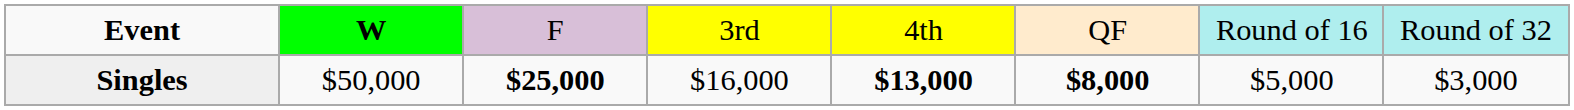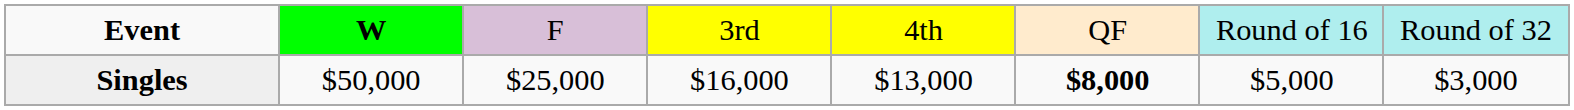 <table class=wikitable style=font-size:95%;text-align:center>
 <tr>
 <td style="width:130px"><strong>Event</strong></td>
 <td style="width:85px; background:lime"><strong>W</strong></td>
 <td style="width:85px; background:thistle">F</td>
 <td style="width:85px; background:#ffff00">3rd</td>
 <td style="width:85px; background:#ffff00">4th</td>
 <td style="width:85px; background:#ffebcd">QF</td>
 <td style="width:85px; background:#afeeee">Round of 16</td>
 <td style="width:85px; background:#afeeee">Round of 32</td>
 </tr>
 <tr>
 <th style=background:#efefef>Singles </th>
 <td>$50,000</td>
-<td><strong>$25,000</strong></td>
+<td>$25,000</td>
 <td>$16,000</td>
-<td><strong>$13,000</strong></td>
+<td>$13,000</td>
 <td><strong>$8,000</strong></td>
 <td>$5,000</td>
 <td>$3,000</td>
 </tr>
 </table>
